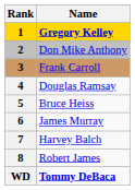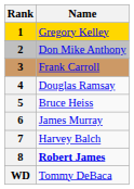 <table class="wikitable">
 <tr>
 <th>Rank</th>
 <th>Name</th>
 </tr>
 <tr bgcolor="gold">
 <td align="center"><strong>1</strong></td>
-<td><strong><a href='#'>Gregory Kelley</a></strong></td>
+<td><a href='#'>Gregory Kelley</a></td>
 </tr>
 <tr bgcolor="silver">
 <td align="center"><strong>2</strong></td>
 <td><a href='#'>Don Mike Anthony</a></td>
 </tr>
 <tr bgcolor="cc9966">
 <td align="center"><strong>3</strong></td>
 <td><a href='#'>Frank Carroll</a></td>
 </tr>
 <tr>
 <th>4</th>
 <td><a href='#'>Douglas Ramsay</a></td>
 </tr>
 <tr>
 <th>5</th>
 <td><a href='#'>Bruce Heiss</a></td>
 </tr>
 <tr>
 <th>6</th>
 <td><a href='#'>James Murray</a></td>
 </tr>
 <tr>
 <th>7</th>
 <td><a href='#'>Harvey Balch</a></td>
 </tr>
 <tr>
 <th>8</th>
-<td><a href='#'>Robert James</a></td>
+<td><strong><a href='#'>Robert James</a></strong></td>
 </tr>
 <tr>
 <th>WD</th>
-<td><strong><a href='#'>Tommy DeBaca</a></strong></td>
+<td><a href='#'>Tommy DeBaca</a></td>
 </tr>
 </table>
